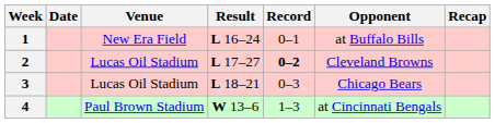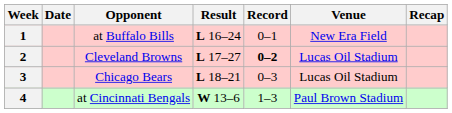 <table class="wikitable" style="text-align:center">
 <tr>
 <th>Week</th>
 <th>Date</th>
-<th>Venue</th>
+<th>Opponent</th>
 <th>Result</th>
 <th>Record</th>
-<th>Opponent</th>
+<th>Venue</th>
 <th>Recap</th>
 </tr>
 <tr style="background:#fcc">
 <th>1</th>
 <td></td>
-<td><a href='#'>New Era Field</a></td>
+<td>at <a href='#'>Buffalo Bills</a></td>
 <td><strong>L</strong> 16–24</td>
 <td>0–1</td>
-<td>at <a href='#'>Buffalo Bills</a></td>
+<td><a href='#'>New Era Field</a></td>
 <td></td>
 </tr>
 <tr style="background:#fcc">
 <th>2</th>
 <td></td>
-<td><a href='#'>Lucas Oil Stadium</a></td>
+<td><a href='#'>Cleveland Browns</a></td>
 <td><strong>L</strong> 17–27</td>
 <td><strong>0–2</strong></td>
-<td><a href='#'>Cleveland Browns</a></td>
+<td><a href='#'>Lucas Oil Stadium</a></td>
 <td></td>
 </tr>
 <tr style="background:#fcc">
 <th>3</th>
 <td></td>
-<td>Lucas Oil Stadium</td>
+<td><a href='#'>Chicago Bears</a></td>
 <td><strong>L</strong> 18–21</td>
 <td>0–3</td>
-<td><a href='#'>Chicago Bears</a></td>
+<td>Lucas Oil Stadium</td>
 <td></td>
 </tr>
 <tr style="background:#cfc">
 <th>4</th>
 <td></td>
-<td><a href='#'>Paul Brown Stadium</a></td>
+<td>at <a href='#'>Cincinnati Bengals</a></td>
 <td><strong>W</strong> 13–6</td>
 <td>1–3</td>
-<td>at <a href='#'>Cincinnati Bengals</a></td>
+<td><a href='#'>Paul Brown Stadium</a></td>
 <td></td>
 </tr>
 </table>
